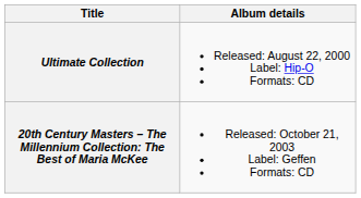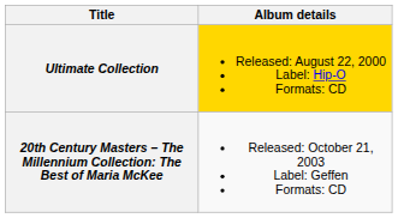 <table class="wikitable plainrowheaders" style="text-align:center;">
 <tr>
 <th scope="col" style="width:15em;">Title</th>
 <th scope="col" style="width:15em;">Album details</th>
 </tr>
 <tr>
 <th scope="row"><em>Ultimate Collection</em></th>
-<td><br><ul><li>Released: August 22, 2000</li><li>Label: <a href='#'>Hip-O</a></li><li>Formats: CD</li></ul></td>
+<td style="background: gold;"><br><ul><li>Released: August 22, 2000</li><li>Label: <a href='#'>Hip-O</a></li><li>Formats: CD</li></ul></td>
 </tr>
 <tr>
 <th scope="row"><em>20th Century Masters – The Millennium Collection: The Best of Maria McKee</em></th>
 <td><br><ul><li>Released: October 21, 2003</li><li>Label: Geffen</li><li>Formats: CD</li></ul></td>
 </tr>
 </table>
